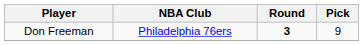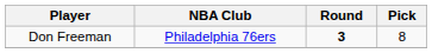 <table class="wikitable" width="500">
 <tr>
 <th>Player</th>
 <th>NBA Club</th>
 <th>Round</th>
 <th>Pick</th>
 </tr>
 <tr align="center" bgcolor="">
 <td>Don Freeman</td>
 <td><a href='#'>Philadelphia 76ers</a></td>
 <td><strong>3</strong></td>
-<td>9</td>
+<td>8</td>
 </tr>
 <tr align="center" bgcolor="">
 </tr>
 </table>
